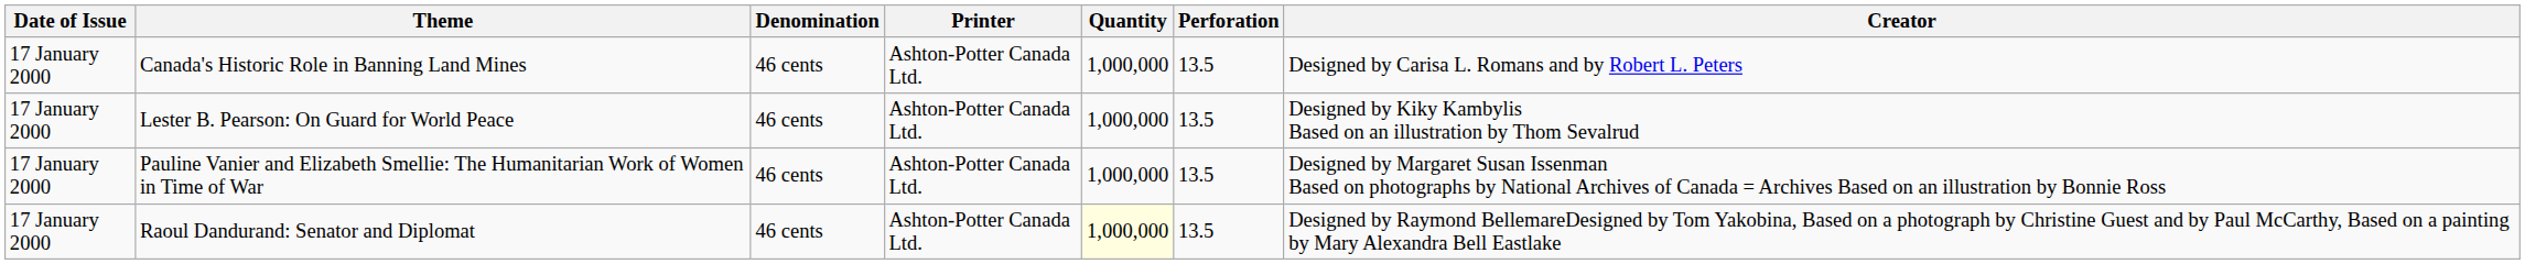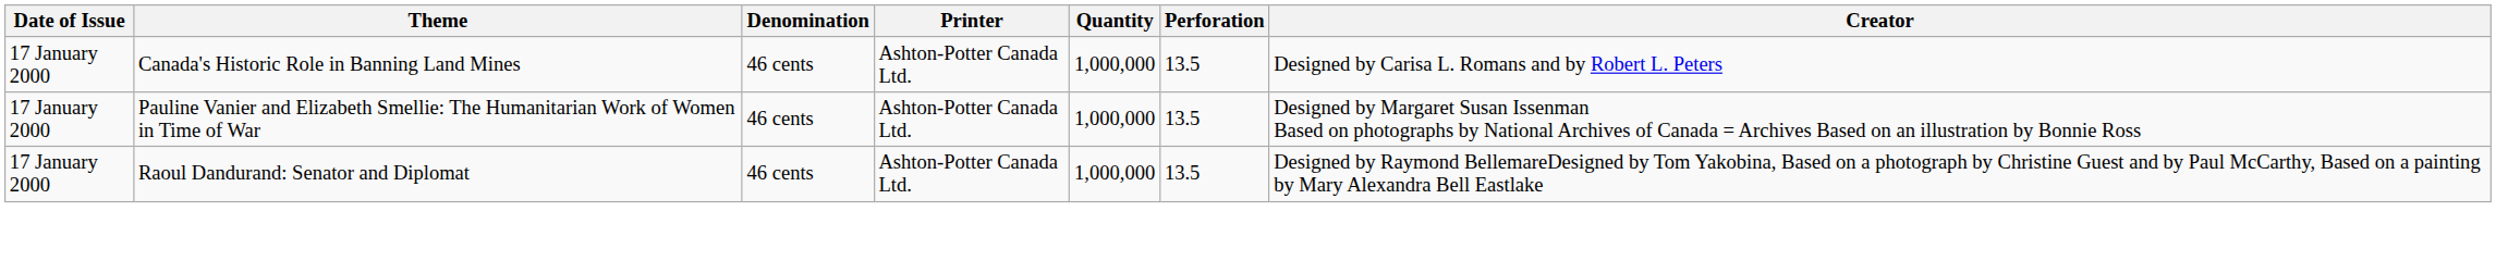 <table class="wikitable sortable">
 <tr>
 <th>Date of Issue</th>
 <th>Theme</th>
 <th>Denomination</th>
 <th>Printer</th>
 <th>Quantity</th>
 <th>Perforation</th>
 <th>Creator</th>
 </tr>
 <tr>
 <td>17 January 2000</td>
 <td>Canada's Historic Role in Banning Land Mines </td>
 <td>46 cents</td>
 <td>Ashton-Potter Canada Ltd.</td>
 <td>1,000,000</td>
 <td>13.5</td>
 <td>Designed by Carisa L. Romans and by <a href='#'>Robert L. Peters</a></td>
 </tr>
 <tr>
 <td>17 January 2000</td>
-<td>Lester B. Pearson: On Guard for World Peace </td>
-<td>46 cents</td>
-<td>Ashton-Potter Canada Ltd.</td>
-<td>1,000,000</td>
-<td>13.5</td>
-<td>Designed by Kiky Kambylis<br>Based on an illustration by Thom Sevalrud</td>
-</tr>
-<tr>
-<td>17 January 2000</td>
 <td>Pauline Vanier and Elizabeth Smellie: The Humanitarian Work of Women in Time of War </td>
 <td>46 cents</td>
 <td>Ashton-Potter Canada Ltd.</td>
 <td>1,000,000</td>
 <td>13.5</td>
 <td>Designed by Margaret Susan Issenman<br>Based on photographs by National Archives of Canada = Archives Based on an illustration by Bonnie Ross</td>
 </tr>
 <tr>
 <td>17 January 2000</td>
 <td>Raoul Dandurand: Senator and Diplomat </td>
 <td>46 cents</td>
 <td>Ashton-Potter Canada Ltd.</td>
-<td style="background: lightyellow;">1,000,000</td>
+<td>1,000,000</td>
 <td>13.5</td>
 <td>Designed by Raymond BellemareDesigned by Tom Yakobina, Based on a photograph by Christine Guest and by Paul McCarthy, Based on a painting by Mary Alexandra Bell Eastlake</td>
 </tr>
 </table>
